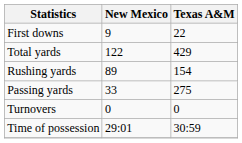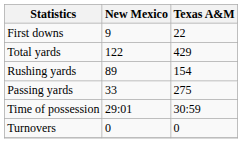 <table class="wikitable">
 <tr>
 <th>Statistics</th>
 <th>New Mexico</th>
 <th>Texas A&M</th>
 </tr>
 <tr>
 <td>First downs</td>
 <td>9</td>
 <td>22</td>
 </tr>
 <tr>
 <td>Total yards</td>
 <td>122</td>
 <td>429</td>
 </tr>
 <tr>
 <td>Rushing yards</td>
 <td>89</td>
 <td>154</td>
 </tr>
 <tr>
 <td>Passing yards</td>
 <td>33</td>
 <td>275</td>
 </tr>
 <tr>
+<td>Time of possession</td>
+<td>29:01</td>
+<td>30:59</td>
+</tr>
+<tr>
 <td>Turnovers</td>
 <td>0</td>
 <td>0</td>
 </tr>
 <tr>
-<td>Time of possession</td>
-<td>29:01</td>
-<td>30:59</td>
-</tr>
-<tr>
 </tr>
 </table>
